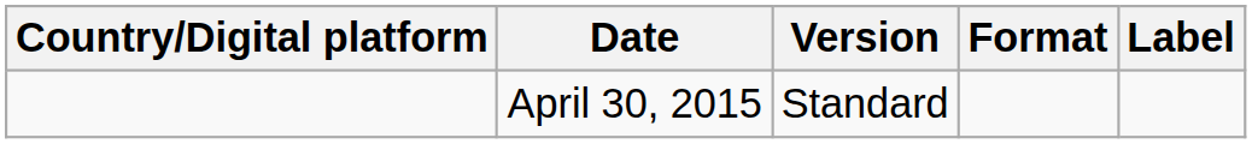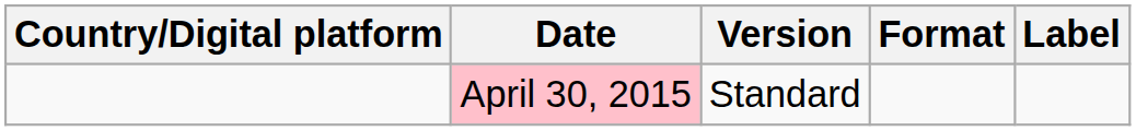 <table class="wikitable">
 <tr>
 <th>Country/Digital platform</th>
 <th>Date</th>
 <th>Version</th>
 <th>Format</th>
 <th>Label</th>
 </tr>
 <tr>
 <td></td>
-<td>April 30, 2015</td>
+<td style="background: pink;">April 30, 2015</td>
 <td rowspan="2">Standard</td>
 <td></td>
 <td rowspan="2"></td>
 </tr>
 </table>
